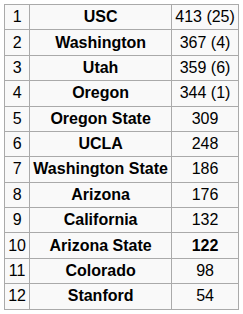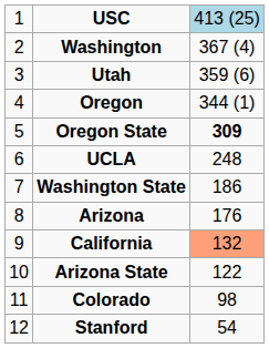 <table class="wikitable" style="display: inline-table;">
 <tr align="center">
 </tr>
 <tr align="center">
 <td>1</td>
 <td><strong>USC</strong></td>
-<td>413 (25)</td>
+<td style="background: lightblue;">413 (25)</td>
 </tr>
 <tr align="center">
 <td>2</td>
 <td><strong>Washington</strong></td>
 <td>367 (4)</td>
 </tr>
 <tr align="center">
 <td>3</td>
 <td><strong>Utah</strong></td>
 <td>359 (6)</td>
 </tr>
 <tr align="center">
 <td>4</td>
 <td><strong>Oregon</strong></td>
 <td>344 (1)</td>
 </tr>
 <tr align="center">
 <td>5</td>
 <td><strong>Oregon State</strong></td>
-<td>309</td>
+<td><strong>309</strong></td>
 </tr>
 <tr align="center">
 <td>6</td>
 <td><strong>UCLA</strong></td>
 <td>248</td>
 </tr>
 <tr align="center">
 <td>7</td>
 <td><strong>Washington State</strong></td>
 <td>186</td>
 </tr>
 <tr align="center">
 <td>8</td>
 <td><strong>Arizona</strong></td>
 <td>176</td>
 </tr>
 <tr align="center">
 <td>9</td>
 <td><strong>California</strong></td>
-<td>132</td>
+<td style="background: lightsalmon;">132</td>
 </tr>
 <tr align="center">
 <td>10</td>
 <td><strong>Arizona State</strong></td>
-<td><strong>122</strong></td>
+<td>122</td>
 </tr>
 <tr align="center">
 <td>11</td>
 <td><strong>Colorado</strong></td>
 <td>98</td>
 </tr>
 <tr align="center">
 <td>12</td>
 <td><strong>Stanford</strong></td>
 <td>54</td>
 </tr>
 </table>
